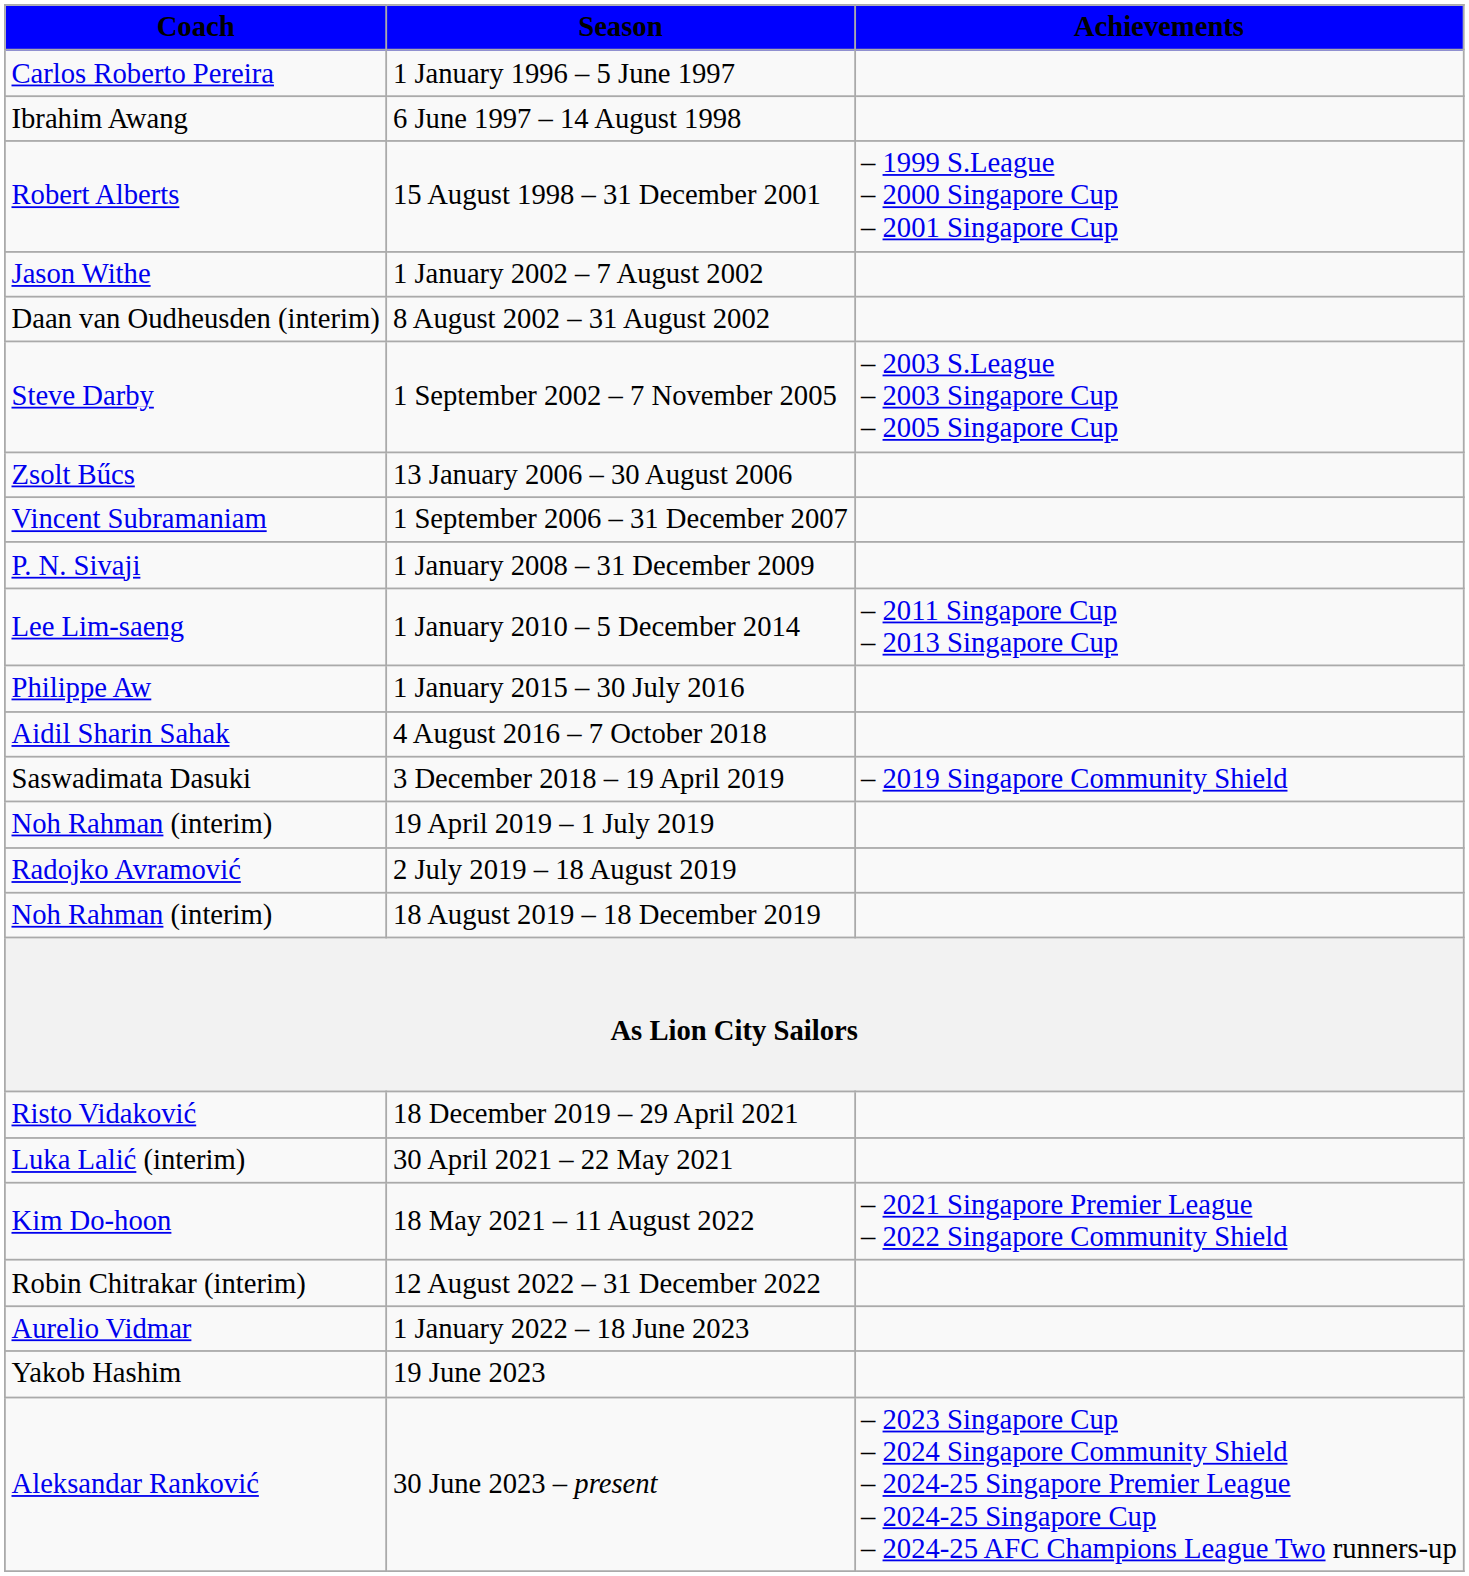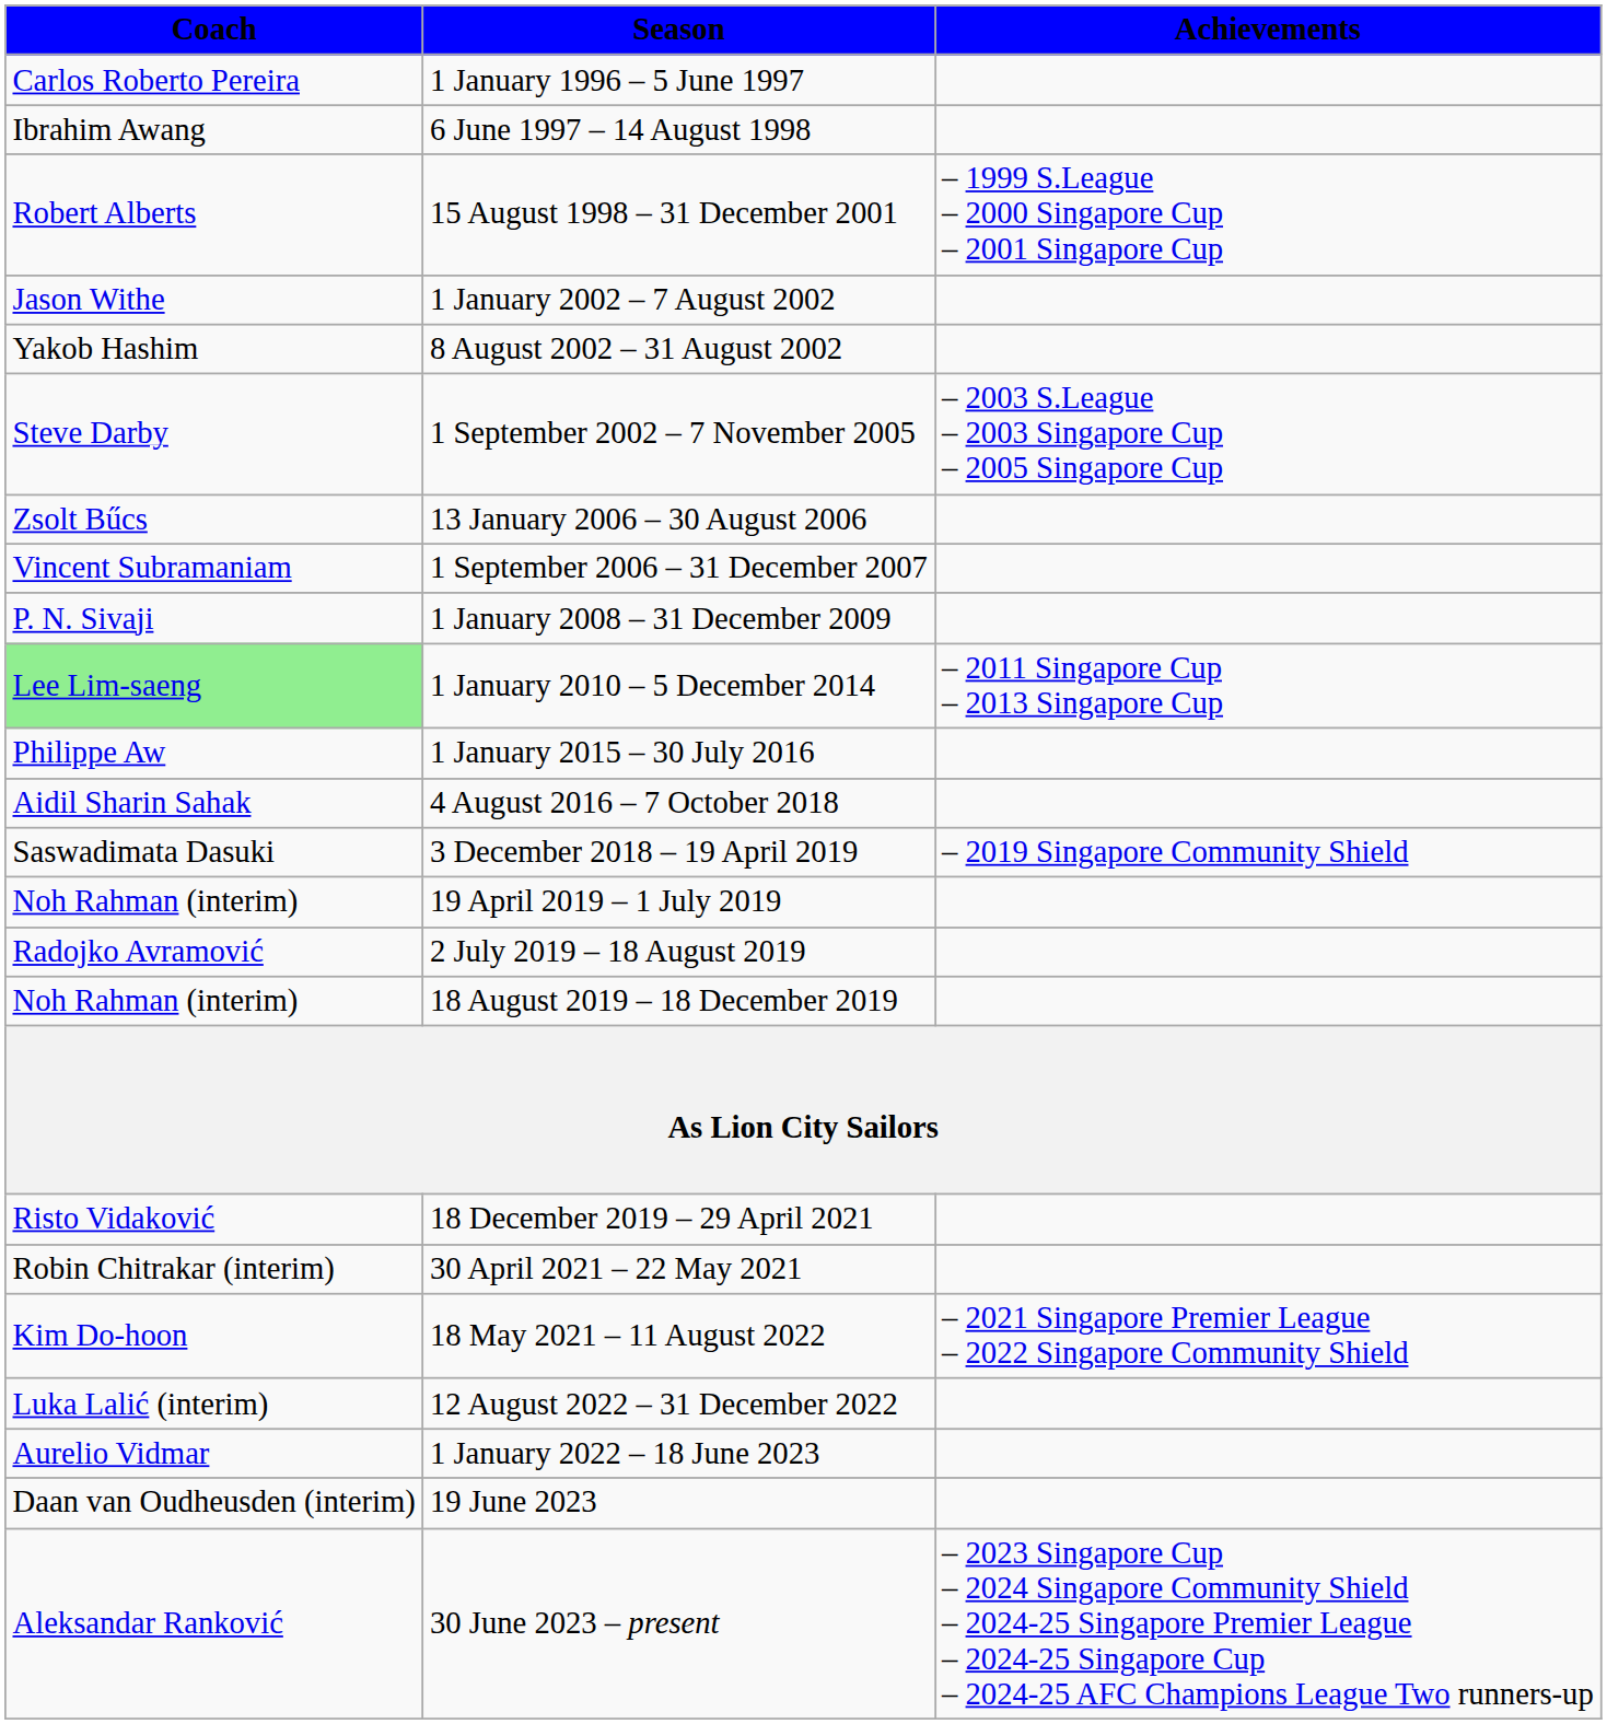 <table class="wikitable sortable plainrowheaders" style="text-align:left;">
 <tr>
 <th style="background-color:blue;"><span> Coach</span></th>
 <th style="background-color:blue;"><span> Season</span></th>
 <th style="background-color:blue;"><span> Achievements</span></th>
 </tr>
 <tr>
 <td> <a href='#'>Carlos Roberto Pereira</a></td>
 <td>1 January 1996 – 5 June 1997</td>
 <td></td>
 </tr>
 <tr>
 <td> Ibrahim Awang</td>
 <td>6 June 1997 – 14 August 1998</td>
 <td></td>
 </tr>
 <tr>
 <td> <a href='#'>Robert Alberts</a></td>
 <td>15 August 1998 – 31 December 2001</td>
 <td>– <a href='#'>1999 S.League</a><br>– <a href='#'>2000 Singapore Cup</a><br>– <a href='#'>2001 Singapore Cup</a></td>
 </tr>
 <tr>
 <td> <a href='#'>Jason Withe</a></td>
 <td>1 January 2002 – 7 August 2002</td>
 <td></td>
 </tr>
 <tr>
-<td> Daan van Oudheusden (interim)</td>
+<td> Yakob Hashim</td>
 <td>8 August 2002 – 31 August 2002</td>
 <td></td>
 </tr>
 <tr>
 <td> <a href='#'>Steve Darby</a></td>
 <td>1 September 2002 – 7 November 2005</td>
 <td>– <a href='#'>2003 S.League</a><br>– <a href='#'>2003 Singapore Cup</a><br>– <a href='#'>2005 Singapore Cup</a></td>
 </tr>
 <tr>
 <td> <a href='#'>Zsolt Bűcs</a></td>
 <td>13 January 2006 – 30 August 2006</td>
 <td></td>
 </tr>
 <tr>
 <td> <a href='#'>Vincent Subramaniam</a></td>
 <td>1 September 2006 – 31 December 2007</td>
 <td></td>
 </tr>
 <tr>
 <td> <a href='#'>P. N. Sivaji</a></td>
 <td>1 January 2008 – 31 December 2009</td>
 <td></td>
 </tr>
 <tr>
-<td> <a href='#'>Lee Lim-saeng</a></td>
+<td style="background: lightgreen;"> <a href='#'>Lee Lim-saeng</a></td>
 <td>1 January 2010 – 5 December 2014</td>
 <td>– <a href='#'>2011 Singapore Cup</a><br>– <a href='#'>2013 Singapore Cup</a></td>
 </tr>
 <tr>
 <td> <a href='#'>Philippe Aw</a></td>
 <td>1 January 2015 – 30 July 2016</td>
 <td></td>
 </tr>
 <tr>
 <td> <a href='#'>Aidil Sharin Sahak</a></td>
 <td>4 August 2016 – 7 October 2018</td>
 <td></td>
 </tr>
 <tr>
 <td> Saswadimata Dasuki</td>
 <td>3 December 2018 – 19 April 2019</td>
 <td>– <a href='#'>2019 Singapore Community Shield</a></td>
 </tr>
 <tr>
 <td> <a href='#'>Noh Rahman</a> (interim)</td>
 <td>19 April 2019 – 1 July 2019</td>
 <td></td>
 </tr>
 <tr>
 <td> <a href='#'>Radojko Avramović</a></td>
 <td>2 July 2019 – 18 August 2019</td>
 <td></td>
 </tr>
 <tr>
 <td> <a href='#'>Noh Rahman</a> (interim)</td>
 <td>18 August 2019 – 18 December 2019</td>
 <td></td>
 </tr>
 <tr>
 <th colspan="3"><br><h4>As Lion City Sailors</h4></th>
 </tr>
 <tr>
 <td> <a href='#'>Risto Vidaković</a></td>
 <td>18 December 2019 – 29 April 2021</td>
 <td></td>
 </tr>
 <tr>
-<td> <a href='#'>Luka Lalić</a> (interim)</td>
+<td> Robin Chitrakar (interim)</td>
 <td>30 April 2021 – 22 May 2021</td>
 <td></td>
 </tr>
 <tr>
 <td> <a href='#'>Kim Do-hoon</a></td>
 <td>18 May 2021 – 11 August 2022</td>
 <td>– <a href='#'>2021 Singapore Premier League</a><br>– <a href='#'>2022 Singapore Community Shield</a></td>
 </tr>
 <tr>
-<td> Robin Chitrakar (interim)</td>
+<td> <a href='#'>Luka Lalić</a> (interim)</td>
 <td>12 August 2022 – 31 December 2022</td>
 <td></td>
 </tr>
 <tr>
 <td> <a href='#'>Aurelio Vidmar</a></td>
 <td>1 January 2022 – 18 June 2023</td>
 <td></td>
 </tr>
 <tr>
-<td> Yakob Hashim</td>
+<td> Daan van Oudheusden (interim)</td>
 <td>19 June 2023</td>
 <td></td>
 </tr>
 <tr>
 <td> <a href='#'>Aleksandar Ranković</a></td>
 <td>30 June 2023 – <em>present</em></td>
 <td>– <a href='#'>2023 Singapore Cup</a><br>– <a href='#'>2024 Singapore Community Shield</a><br>– <a href='#'>2024-25 Singapore Premier League</a><br>– <a href='#'>2024-25 Singapore Cup</a><br>– <a href='#'>2024-25 AFC Champions League Two</a> runners-up</td>
 </tr>
 </table>
